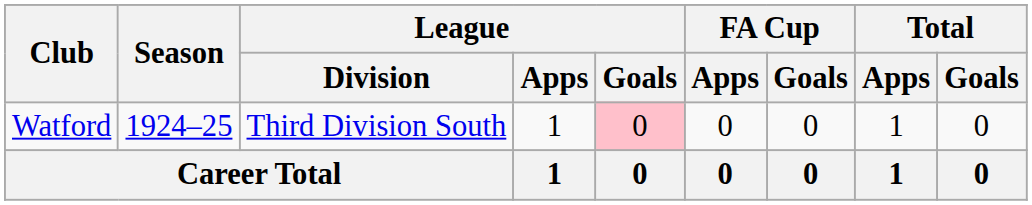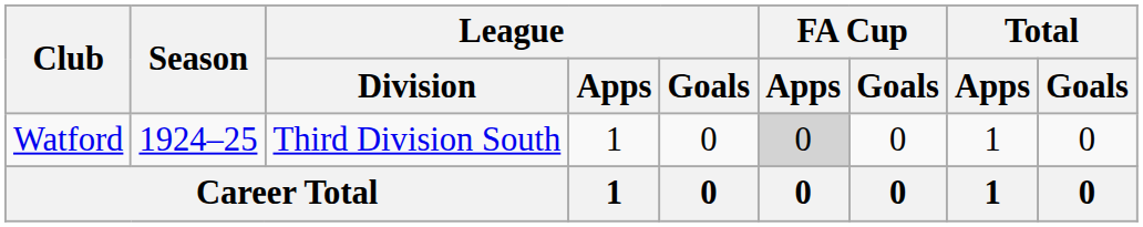 <table class="wikitable" style="text-align: center;">
 <tr>
 <th rowspan="2">Club</th>
 <th rowspan="2">Season</th>
 <th colspan="3">League</th>
 <th colspan="2">FA Cup</th>
 <th colspan="2">Total</th>
 </tr>
 <tr>
 <th>Division</th>
 <th>Apps</th>
 <th>Goals</th>
 <th>Apps</th>
 <th>Goals</th>
 <th>Apps</th>
 <th>Goals</th>
 </tr>
 <tr>
 <td><a href='#'>Watford</a></td>
 <td><a href='#'>1924–25</a></td>
 <td><a href='#'>Third Division South</a></td>
 <td>1</td>
-<td style="background: pink;">0</td>
 <td>0</td>
+<td style="background: lightgrey;">0</td>
 <td>0</td>
 <td>1</td>
 <td>0</td>
 </tr>
 <tr>
 <th colspan="3">Career Total</th>
 <th>1</th>
 <th>0</th>
 <th>0</th>
 <th>0</th>
 <th>1</th>
 <th>0</th>
 </tr>
 </table>
